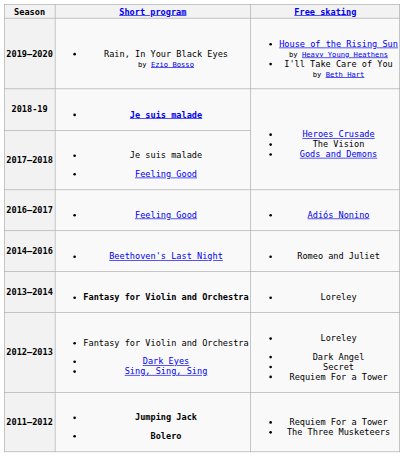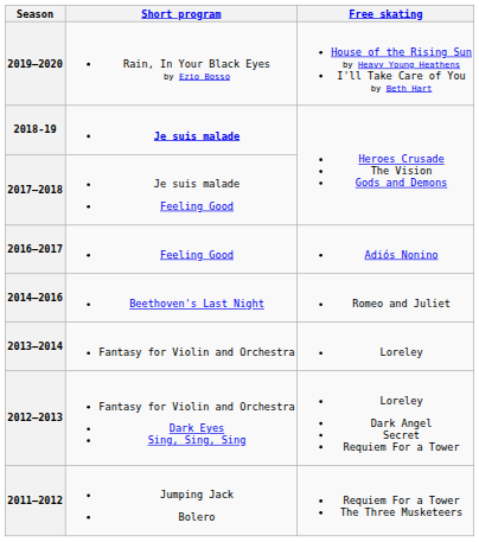 <table class=wikitable style=text-align:center>
 <tr>
 <th>Season</th>
 <th><a href='#'>Short program</a></th>
 <th><a href='#'>Free skating</a></th>
 </tr>
 <tr>
 <th>2019–2020</th>
 <td><br><ul><li>Rain, In Your Black Eyes <br><small>by <a href='#'>Ezio Bosso</a></small></li></ul></td>
 <td><br><ul><li><a href='#'>House of the Rising Sun</a> <br><small>by <a href='#'>Heavy Young Heathens</a></small></li><li>I'll Take Care of You <br><small>by <a href='#'>Beth Hart</a></small></li></ul></td>
 </tr>
 <tr>
 <th>2018-19</th>
 <td><strong><br><ul><li><a href='#'>Je suis malade</a> <br></li></ul></strong></td>
 <td rowspan=2><br><ul><li><a href='#'>Heroes Crusade</a> <br></li><li>The Vision <br></li><li><a href='#'>Gods and Demons</a> <br></li></ul></td>
 </tr>
 <tr>
 <th>2017–2018 <br> </th>
 <td><br><ul><li>Je suis malade <br></li></ul><ul><li><a href='#'>Feeling Good</a> <br> </li></ul></td>
 </tr>
 <tr>
 <th>2016–2017 <br> </th>
 <td><br><ul><li><a href='#'>Feeling Good</a> <br></li></ul></td>
 <td><br><ul><li><a href='#'>Adiós Nonino</a> <br></li></ul></td>
 </tr>
 <tr>
 <th>2014–2016 <br> </th>
 <td><br><ul><li><a href='#'>Beethoven's Last Night</a> <br></li></ul></td>
 <td><br><ul><li>Romeo and Juliet <br></li></ul></td>
 </tr>
 <tr>
 <th>2013–2014 <br> </th>
-<td><strong><br><ul><li>Fantasy for Violin and Orchestra <br></li></ul></strong></td>
+<td><br><ul><li>Fantasy for Violin and Orchestra <br></li></ul></td>
 <td><br><ul><li>Loreley <br></li></ul></td>
 </tr>
 <tr>
 <th>2012–2013 <br> </th>
 <td><br><ul><li>Fantasy for Violin and Orchestra <br></li></ul><ul><li><a href='#'>Dark Eyes</a></li><li><a href='#'>Sing, Sing, Sing</a></li></ul></td>
 <td><br><ul><li>Loreley <br></li></ul><ul><li>Dark Angel</li><li>Secret</li><li>Requiem For a Tower</li></ul></td>
 </tr>
 <tr>
 <th>2011–2012 <br> </th>
-<td><strong><br><ul><li>Jumping Jack <br></li></ul><ul><li>Bolero <br></li></ul></strong></td>
+<td><br><ul><li>Jumping Jack <br></li></ul><ul><li>Bolero <br></li></ul></td>
 <td><br><ul><li>Requiem For a Tower</li><li>The Three Musketeers</li></ul></td>
 </tr>
 </table>
